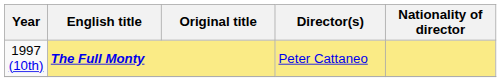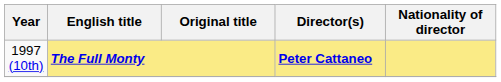 <table class="wikitable" width="95%" cellpadding="5">
 <tr>
 <th width="50"><strong>Year</strong></th>
 <th width="250"><strong>English title</strong></th>
 <th width="250"><strong>Original title</strong></th>
 <th width="200"><strong>Director(s)</strong></th>
 <th width="200"><strong>Nationality of director</strong></th>
 </tr>
 <tr>
 <td style="text-align:center;">1997<br><a href='#'>(10th)</a></td>
 <td colspan="2" style="background:#FAEB86"><strong><em><a href='#'>The Full Monty</a></em></strong></td>
-<td style="background:#FAEB86"><a href='#'>Peter Cattaneo</a></td>
+<td style="background:#FAEB86"><strong><a href='#'>Peter Cattaneo</a></strong></td>
 <td style="background:#FAEB86"></td>
 </tr>
 <tr>
 </tr>
 </table>
